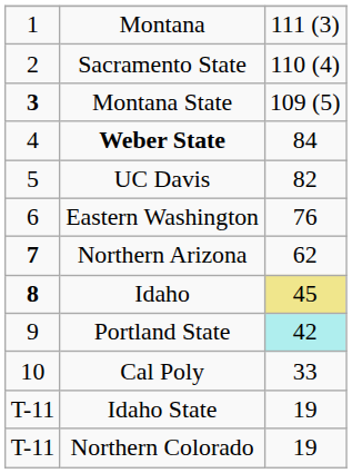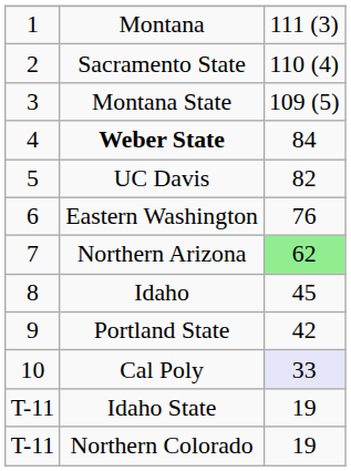 <table class="wikitable" style="display: inline-table;">
 <tr align="center">
 </tr>
 <tr align="center">
 <td>1</td>
 <td>Montana</td>
 <td>111 (3)</td>
 </tr>
 <tr align="center">
 <td>2</td>
 <td>Sacramento State</td>
 <td>110 (4)</td>
 </tr>
 <tr align="center">
-<td><strong>3</strong></td>
+<td>3</td>
 <td>Montana State</td>
 <td>109 (5)</td>
 </tr>
 <tr align="center">
 <td>4</td>
 <td><strong>Weber State</strong></td>
 <td>84</td>
 </tr>
 <tr align="center">
 <td>5</td>
 <td>UC Davis</td>
 <td>82</td>
 </tr>
 <tr align="center">
 <td>6</td>
 <td>Eastern Washington</td>
 <td>76</td>
 </tr>
 <tr align="center">
-<td><strong>7</strong></td>
+<td>7</td>
 <td>Northern Arizona</td>
-<td>62</td>
+<td style="background: lightgreen;">62</td>
 </tr>
 <tr align="center">
-<td><strong>8</strong></td>
+<td>8</td>
 <td>Idaho</td>
-<td style="background: khaki;">45</td>
+<td>45</td>
 </tr>
 <tr align="center">
 <td>9</td>
 <td>Portland State</td>
-<td style="background: paleturquoise;">42</td>
+<td>42</td>
 </tr>
 <tr align="center">
 <td>10</td>
 <td>Cal Poly</td>
-<td>33</td>
+<td style="background: lavender;">33</td>
 </tr>
 <tr align="center">
 <td>T-11</td>
 <td>Idaho State</td>
 <td>19</td>
 </tr>
 <tr align="center">
 <td>T-11</td>
 <td>Northern Colorado</td>
 <td>19</td>
 </tr>
 </table>
